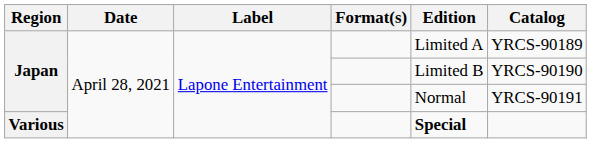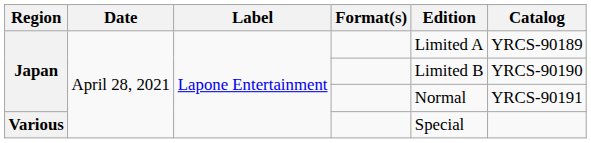 <table class="wikitable plainrowheaders">
 <tr>
 <th>Region</th>
 <th>Date</th>
 <th>Label</th>
 <th>Format(s)</th>
 <th>Edition</th>
 <th>Catalog</th>
 </tr>
 <tr>
 <th rowspan="3" scope="row">Japan</th>
 <td rowspan="4">April 28, 2021</td>
 <td rowspan="4"><a href='#'>Lapone Entertainment</a></td>
 <td></td>
 <td>Limited A</td>
 <td>YRCS-90189</td>
 </tr>
 <tr>
 <td></td>
 <td>Limited B</td>
 <td>YRCS-90190</td>
 </tr>
 <tr>
 <td></td>
 <td>Normal</td>
 <td>YRCS-90191</td>
 </tr>
 <tr>
 <th scope="row">Various</th>
 <td></td>
-<td><strong>Special</strong></td>
+<td>Special</td>
 <td></td>
 </tr>
 </table>
